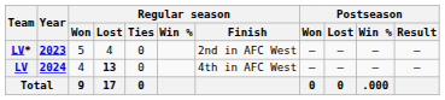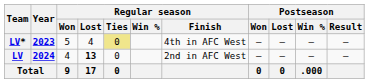 <table class="wikitable" style="text-align:center;">
 <tr>
 <th rowspan="2">Team</th>
 <th rowspan="2">Year</th>
 <th colspan="5">Regular season</th>
 <th colspan="4">Postseason</th>
 </tr>
 <tr>
 <th>Won</th>
 <th>Lost</th>
 <th>Ties</th>
 <th>Win %</th>
 <th>Finish</th>
 <th>Won</th>
 <th>Lost</th>
 <th>Win %</th>
 <th>Result</th>
 </tr>
 <tr>
 <th><a href='#'>LV</a>*</th>
 <th><a href='#'>2023</a></th>
 <td>5</td>
 <td>4</td>
-<td>0</td>
+<td style="background: khaki;">0</td>
 <td></td>
-<td>2nd in AFC West</td>
+<td>4th in AFC West</td>
 <td>—</td>
 <td>—</td>
 <td>—</td>
 <td>—</td>
 </tr>
 <tr>
 <th><a href='#'>LV</a></th>
 <th><a href='#'>2024</a></th>
 <td>4</td>
 <td><strong>13</strong></td>
 <td>0</td>
 <td></td>
-<td>4th in AFC West</td>
+<td>2nd in AFC West</td>
 <td>—</td>
 <td>—</td>
 <td>—</td>
 <td>—</td>
 </tr>
 <tr>
 <th colspan="2">Total</th>
 <th>9</th>
 <th>17</th>
 <th>0</th>
 <th></th>
 <th></th>
 <th>0</th>
 <th>0</th>
 <th>.000</th>
 <th></th>
 </tr>
 </table>
